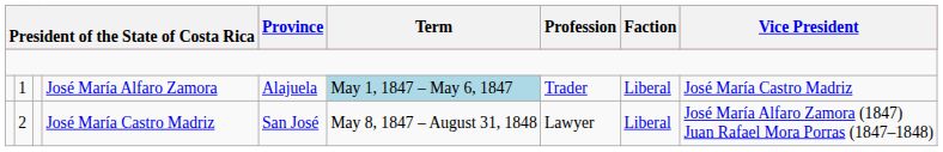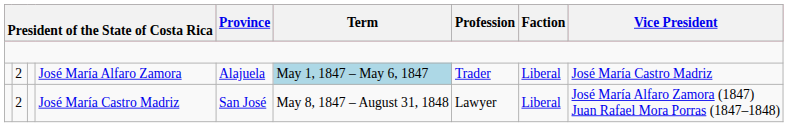 <table class="wikitable">
 <tr bgcolor=#E4E8FF8657856785678>
 <th Colspan=4><br>President of the State of Costa Rica</th>
 <th><a href='#'>Province</a></th>
 <th>Term<br></th>
 <th>Profession</th>
 <th>Faction</th>
 <th><a href='#'>Vice President</a></th>
 </tr>
 <tr>
 <td colspan=9><br><div>  </div></td>
 </tr>
 <tr>
 <td style="background:"></td>
-<td>1</td>
+<td>2</td>
 <td></td>
 <td><a href='#'>José María Alfaro Zamora</a></td>
 <td><a href='#'>Alajuela</a></td>
 <td style="background: lightblue;">May 1, 1847 – May 6, 1847 <br></td>
 <td><a href='#'>Trader</a></td>
 <td><a href='#'>Liberal</a></td>
 <td><a href='#'>José María Castro Madriz</a></td>
 </tr>
 <tr>
 <td style="background:"></td>
 <td>2</td>
 <td></td>
 <td><a href='#'>José María Castro Madriz</a></td>
 <td><a href='#'>San José</a></td>
 <td>May 8, 1847 – August 31, 1848 <br></td>
 <td>Lawyer</td>
 <td><a href='#'>Liberal</a></td>
 <td><a href='#'>José María Alfaro Zamora</a> (1847)<br><a href='#'>Juan Rafael Mora Porras</a> (1847–1848)</td>
 </tr>
 </table>
